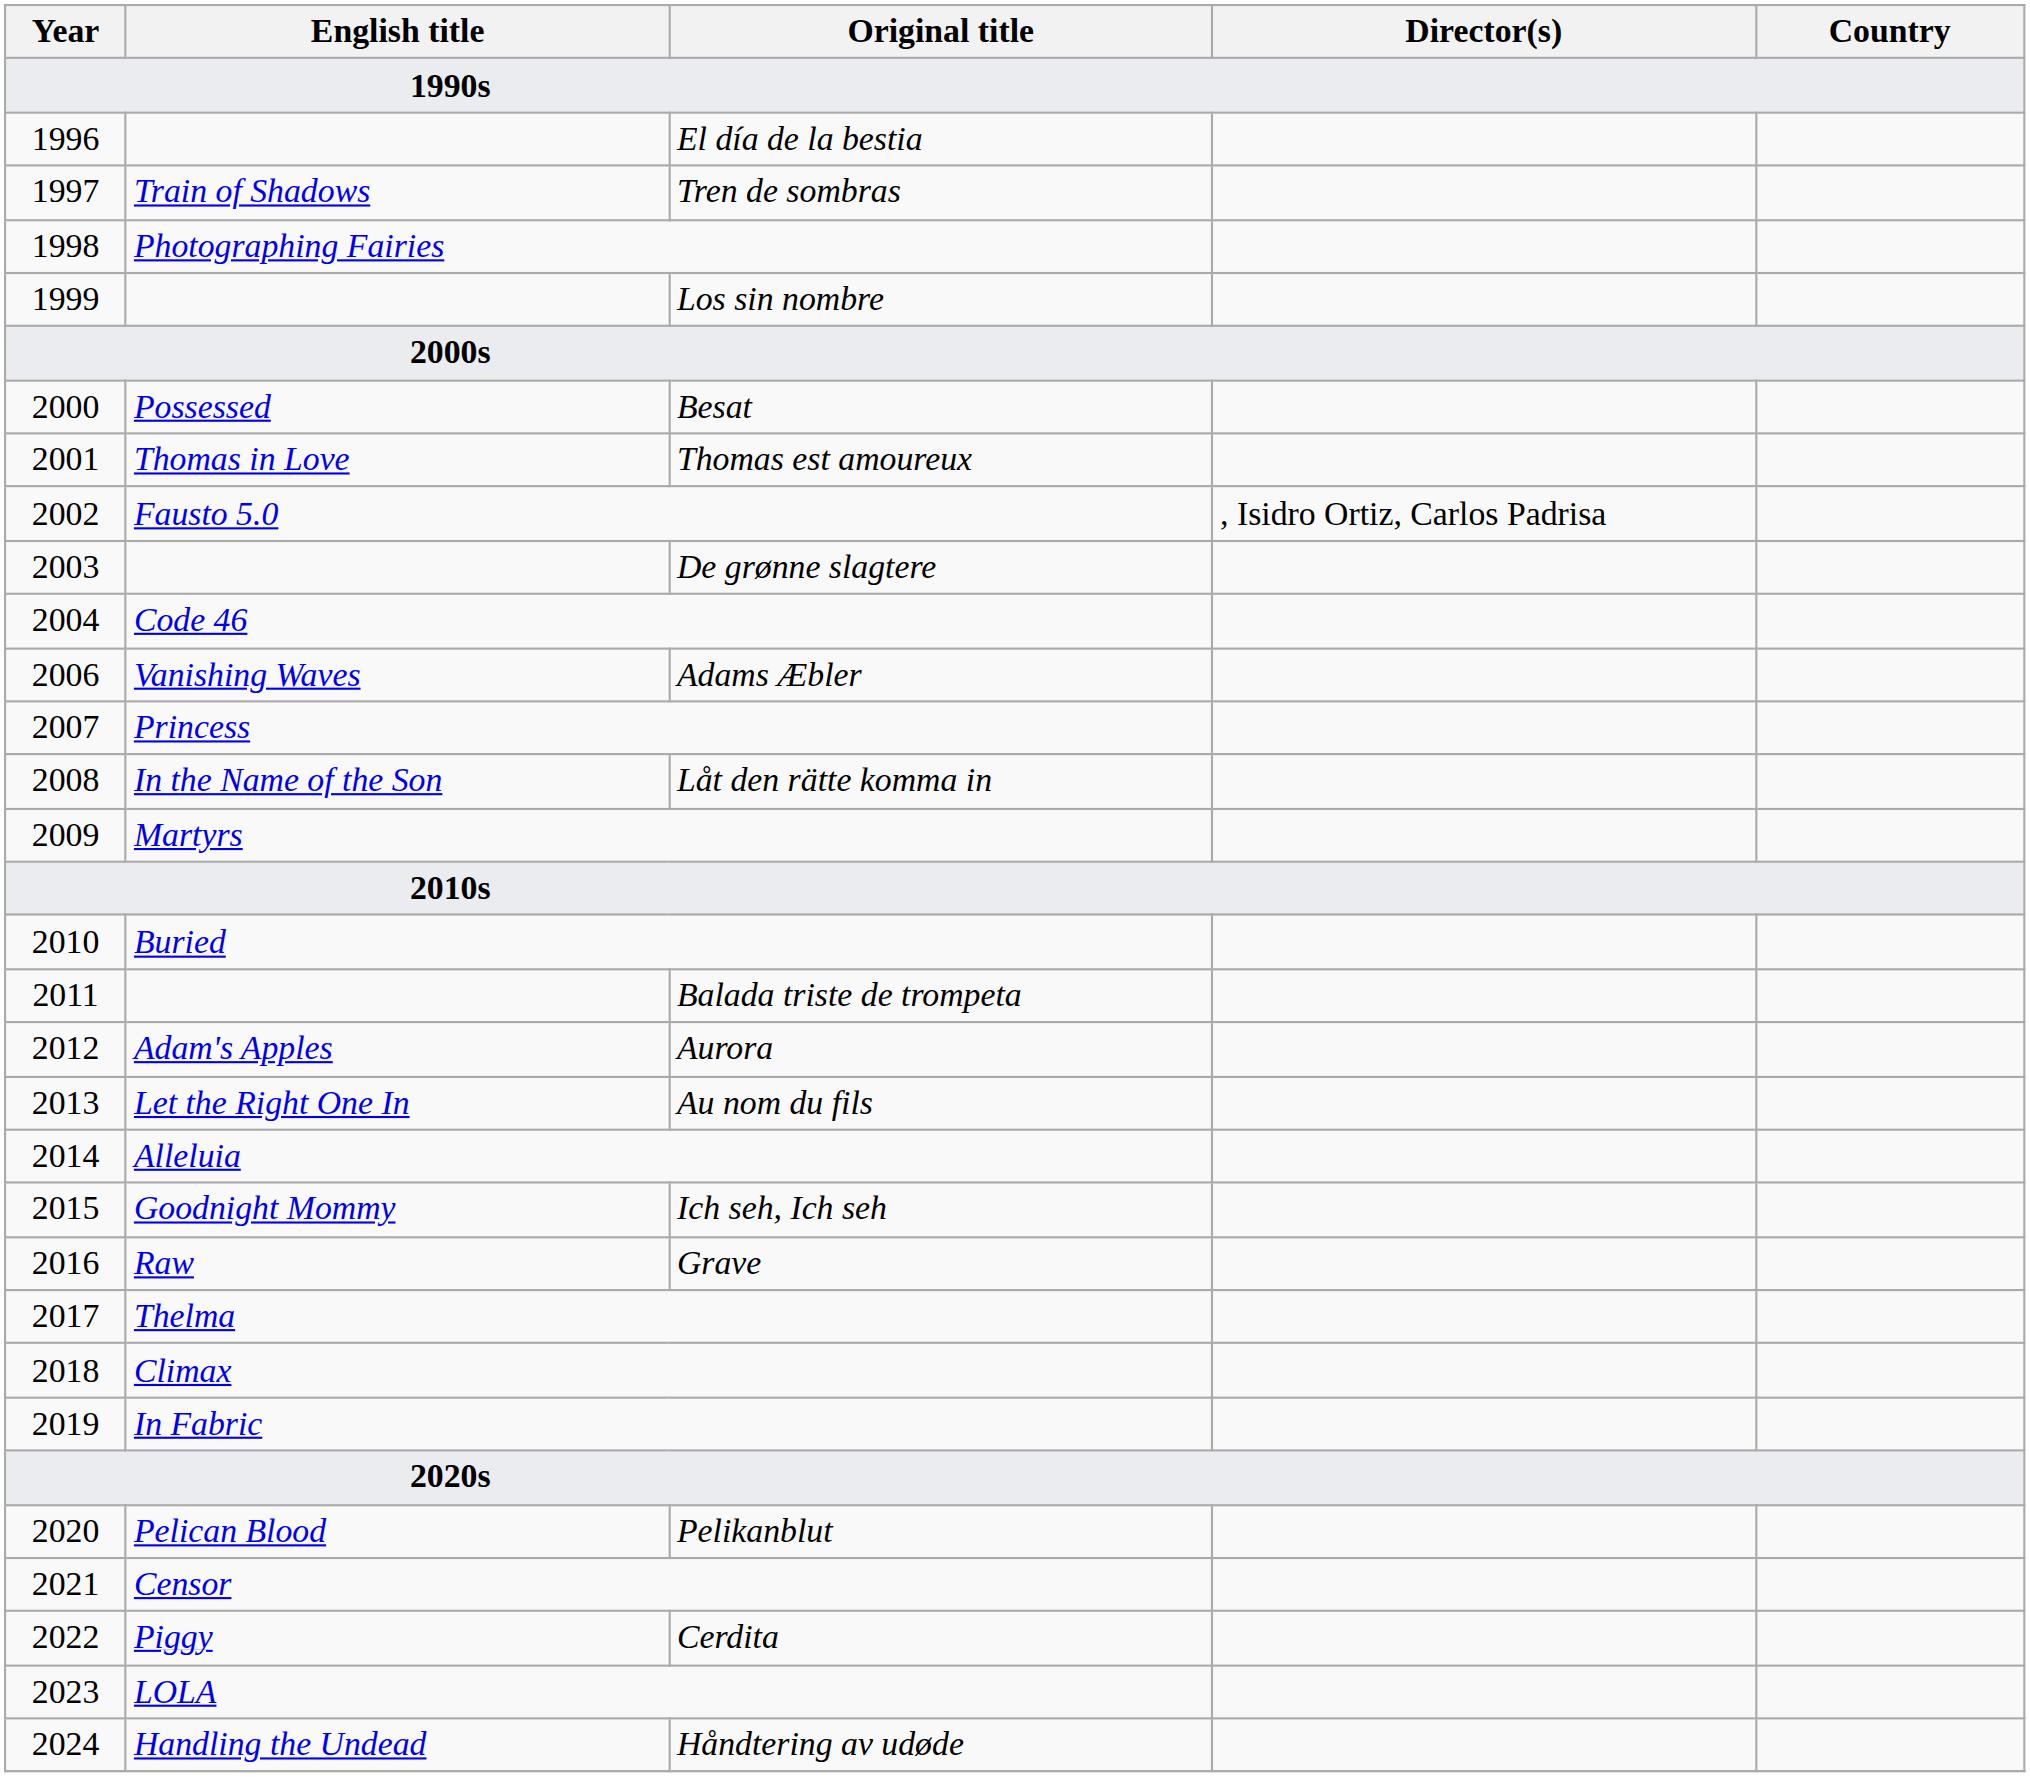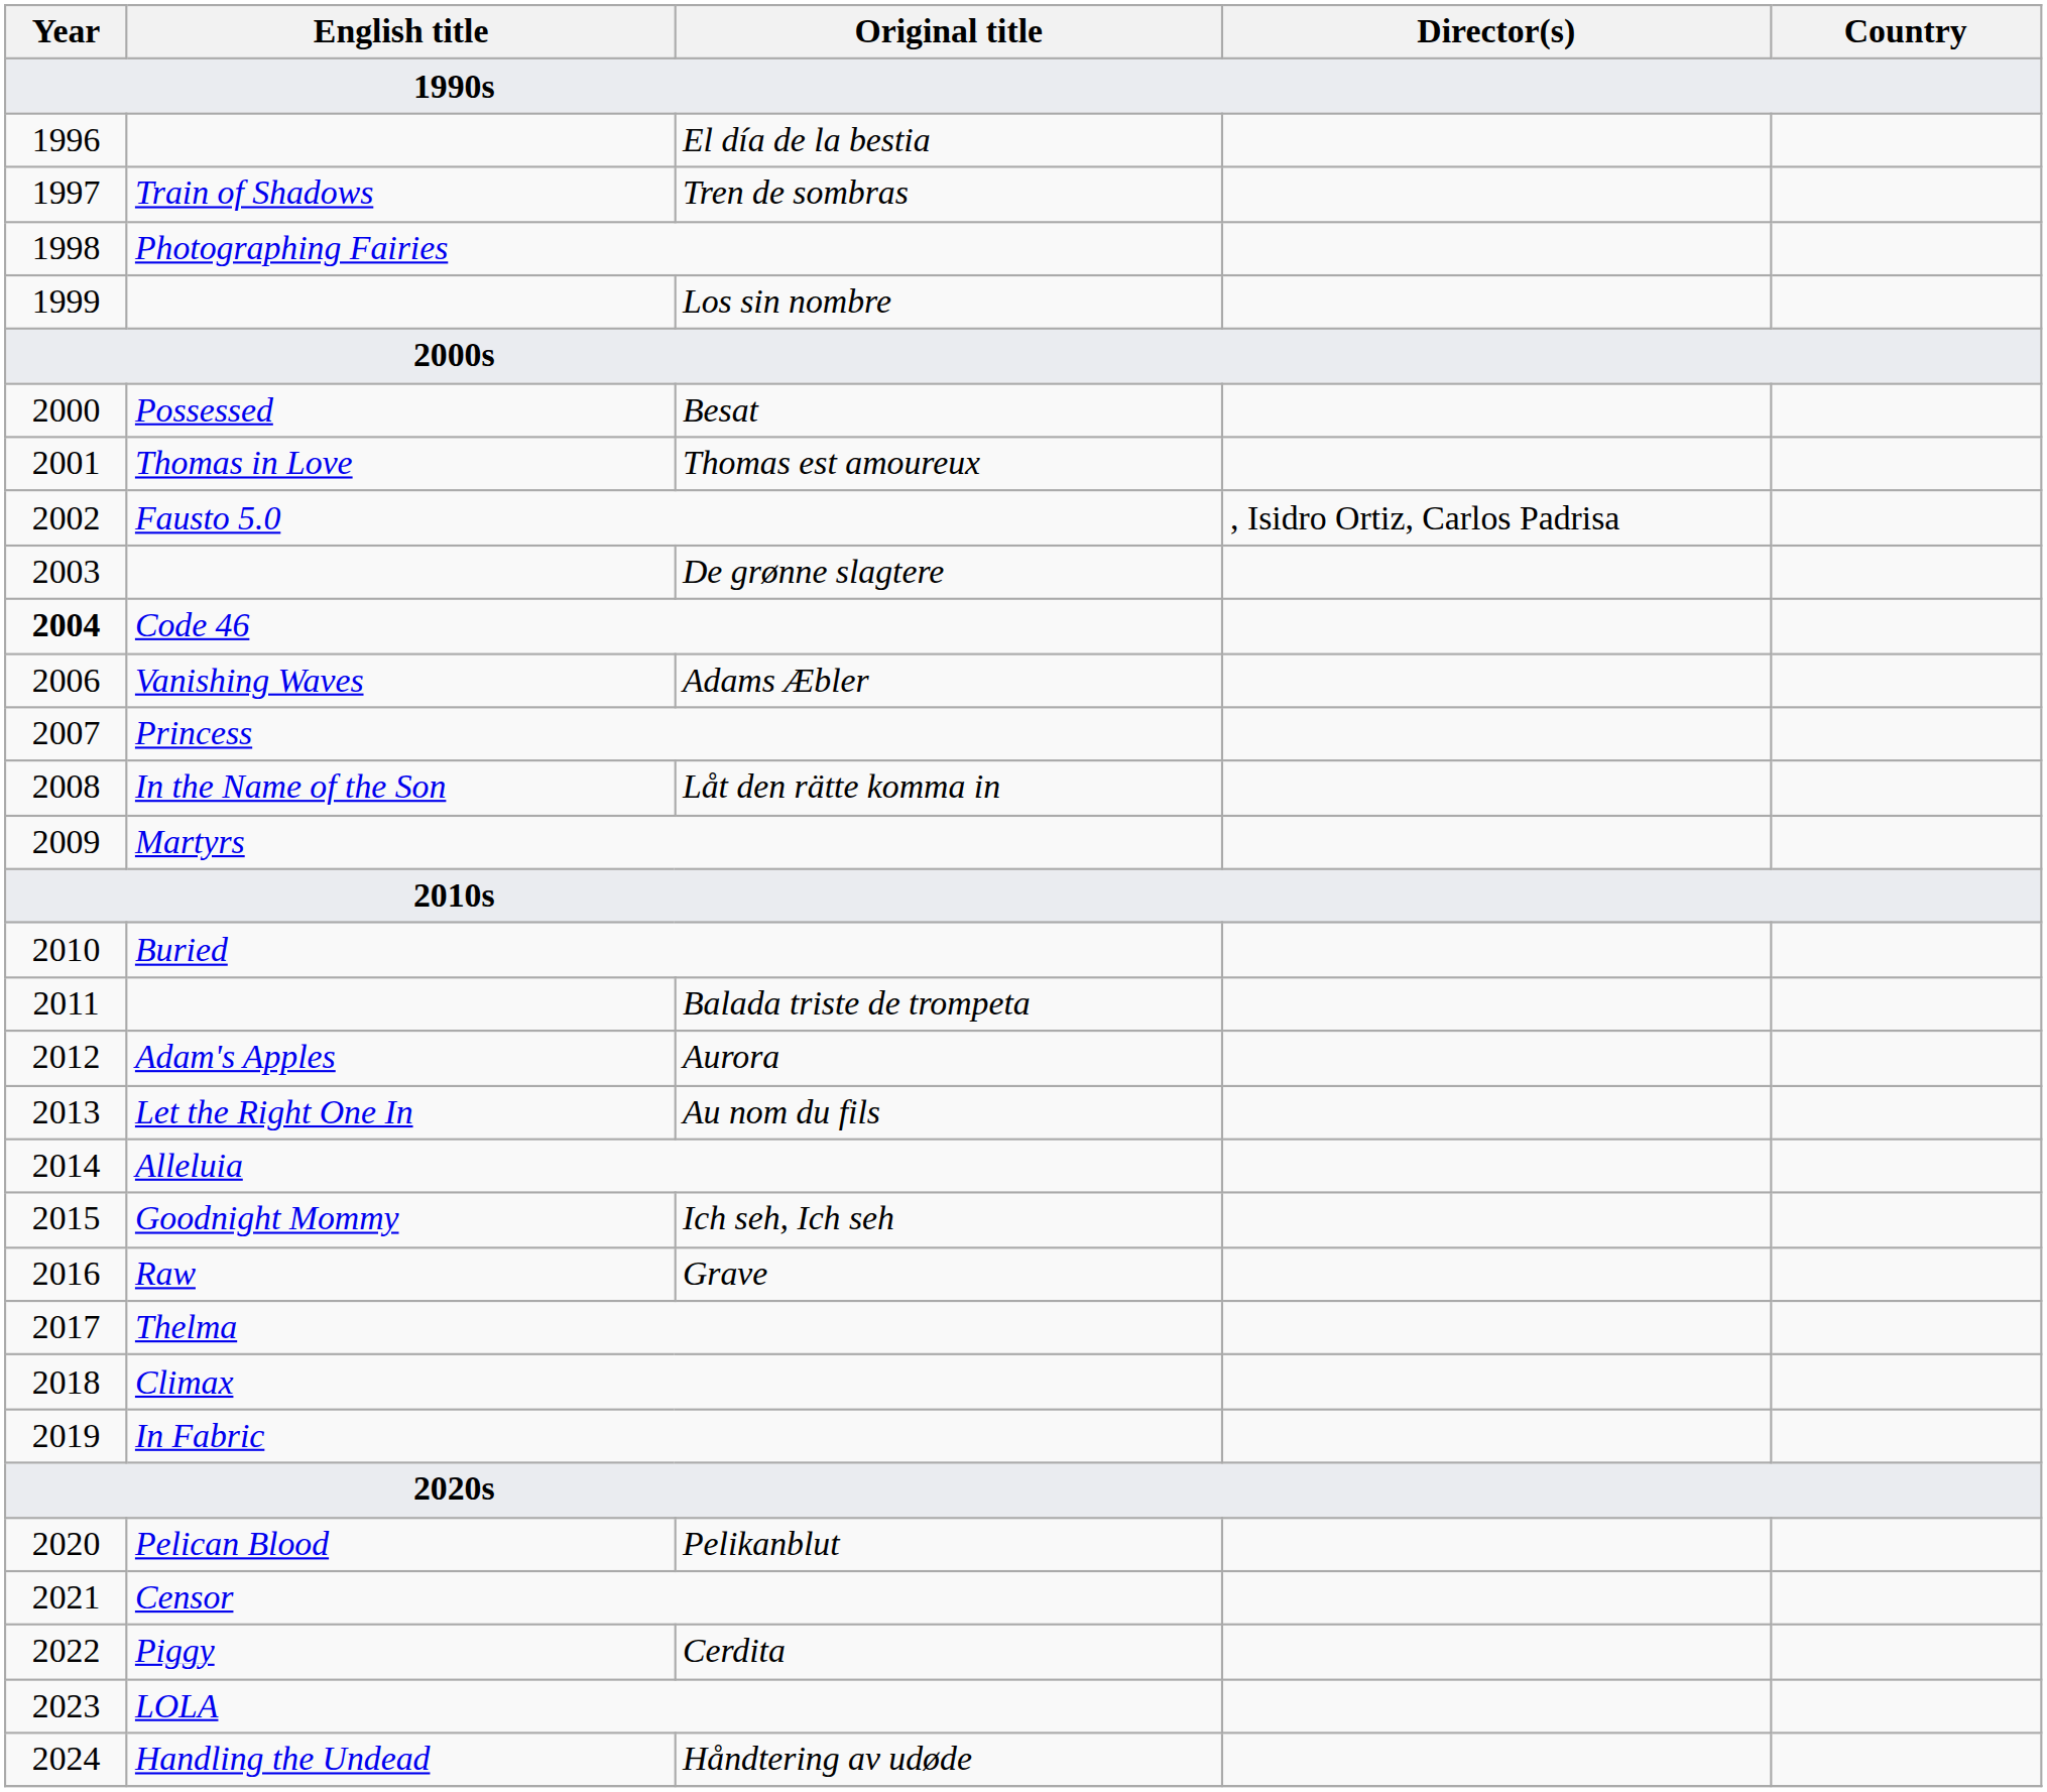 <table class="wikitable sortable">
 <tr>
 <th scope="col" width="50">Year</th>
 <th scope="col" width="250">English title</th>
 <th scope="col" width="250">Original title</th>
 <th scope="col" width="250">Director(s)</th>
 <th scope="col" width="120">Country</th>
 </tr>
 <tr>
 <td colspan=5 data-sort-value="ω" style="background-color:#EAECF0; font-weight:bold; padding-left:20%">1990s</td>
 </tr>
 <tr>
 <td align="center">1996</td>
 <td><em></em></td>
 <td><em>El día de la bestia</em></td>
 <td></td>
 <td></td>
 </tr>
 <tr>
 <td align="center">1997</td>
 <td><em><a href='#'>Train of Shadows</a></em></td>
 <td><em>Tren de sombras</em></td>
 <td></td>
 <td></td>
 </tr>
 <tr>
 <td align="center">1998</td>
 <td colspan="2"><em><a href='#'>Photographing Fairies</a></em></td>
 <td></td>
 <td></td>
 </tr>
 <tr>
 <td align="center">1999</td>
 <td><em></em></td>
 <td><em>Los sin nombre</em></td>
 <td></td>
 <td></td>
 </tr>
 <tr>
 <td colspan=5 data-sort-value="ω" style="background-color:#EAECF0; font-weight:bold; padding-left:20%">2000s</td>
 </tr>
 <tr>
 <td align="center">2000</td>
 <td><em><a href='#'>Possessed</a></em></td>
 <td><em>Besat</em></td>
 <td></td>
 <td></td>
 </tr>
 <tr>
 <td align="center">2001</td>
 <td><em><a href='#'>Thomas in Love</a></em></td>
 <td><em>Thomas est amoureux</em></td>
 <td></td>
 <td></td>
 </tr>
 <tr>
 <td align="center">2002</td>
 <td colspan="2"><em><a href='#'>Fausto 5.0</a></em></td>
 <td>, Isidro Ortiz, Carlos Padrisa</td>
 <td></td>
 </tr>
 <tr>
 <td align="center">2003</td>
 <td><em></em></td>
 <td><em>De grønne slagtere</em></td>
 <td></td>
 <td></td>
 </tr>
 <tr>
-<td align="center">2004</td>
+<td align="center"><strong>2004</strong></td>
 <td colspan="2"><em><a href='#'>Code 46</a></em></td>
 <td></td>
 <td></td>
 </tr>
 <tr>
 <td align="center">2006</td>
 <td><em><a href='#'>Vanishing Waves</a></em></td>
 <td><em>Adams Æbler</em></td>
 <td></td>
 <td></td>
 </tr>
 <tr>
 <td align="center">2007</td>
 <td colspan="2"><em><a href='#'>Princess</a></em></td>
 <td></td>
 <td></td>
 </tr>
 <tr>
 <td align="center">2008</td>
 <td><em><a href='#'>In the Name of the Son</a></em></td>
 <td><em>Låt den rätte komma in</em></td>
 <td></td>
 <td></td>
 </tr>
 <tr>
 <td align="center">2009</td>
 <td colspan="2"><em><a href='#'>Martyrs</a></em></td>
 <td></td>
 <td></td>
 </tr>
 <tr>
 <td colspan=5 data-sort-value="ω" style="background-color:#EAECF0; font-weight:bold; padding-left:20%">2010s</td>
 </tr>
 <tr>
 <td align="center">2010</td>
 <td colspan="2"><em><a href='#'>Buried</a></em></td>
 <td></td>
 <td></td>
 </tr>
 <tr>
 <td align="center">2011</td>
 <td><em></em></td>
 <td><em>Balada triste de trompeta</em></td>
 <td></td>
 <td></td>
 </tr>
 <tr>
 <td align="center">2012</td>
 <td><em><a href='#'>Adam's Apples</a></em></td>
 <td><em>Aurora</em></td>
 <td></td>
 <td></td>
 </tr>
 <tr>
 <td align="center">2013</td>
 <td><em><a href='#'>Let the Right One In</a></em></td>
 <td><em>Au nom du fils</em></td>
 <td></td>
 <td></td>
 </tr>
 <tr>
 <td align="center">2014</td>
 <td colspan="2"><em><a href='#'>Alleluia</a></em></td>
 <td></td>
 <td></td>
 </tr>
 <tr>
 <td align="center">2015</td>
 <td><em><a href='#'>Goodnight Mommy</a></em></td>
 <td><em>Ich seh, Ich seh</em></td>
 <td></td>
 <td></td>
 </tr>
 <tr>
 <td align="center">2016</td>
 <td><em><a href='#'>Raw</a></em></td>
 <td><em>Grave</em></td>
 <td></td>
 <td></td>
 </tr>
 <tr>
 <td align="center">2017</td>
 <td colspan="2"><em><a href='#'>Thelma</a></em></td>
 <td></td>
 <td></td>
 </tr>
 <tr>
 <td align="center">2018</td>
 <td colspan="2"><em><a href='#'>Climax</a></em></td>
 <td></td>
 <td></td>
 </tr>
 <tr>
 <td align="center">2019</td>
 <td colspan="2"><em><a href='#'>In Fabric</a></em></td>
 <td></td>
 <td></td>
 </tr>
 <tr>
 <td colspan=5 data-sort-value="ω" style="background-color:#EAECF0; font-weight:bold; padding-left:20%">2020s</td>
 </tr>
 <tr>
 <td align="center">2020</td>
 <td><em><a href='#'>Pelican Blood</a></em></td>
 <td><em>Pelikanblut</em></td>
 <td></td>
 <td></td>
 </tr>
 <tr>
 <td align="center">2021</td>
 <td colspan="2"><em><a href='#'>Censor</a></em></td>
 <td></td>
 <td></td>
 </tr>
 <tr>
 <td align="center">2022</td>
 <td><em><a href='#'>Piggy</a></em></td>
 <td><em>Cerdita</em></td>
 <td></td>
 <td></td>
 </tr>
 <tr>
 <td align="center">2023</td>
 <td colspan="2"><em><a href='#'>LOLA</a></em></td>
 <td></td>
 <td></td>
 </tr>
 <tr>
 <td align="center">2024</td>
 <td><em><a href='#'>Handling the Undead</a></em></td>
 <td><em>Håndtering av udøde</em></td>
 <td></td>
 <td></td>
 </tr>
 <tr>
 </tr>
 </table>
